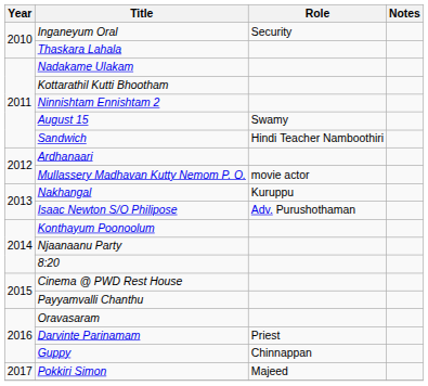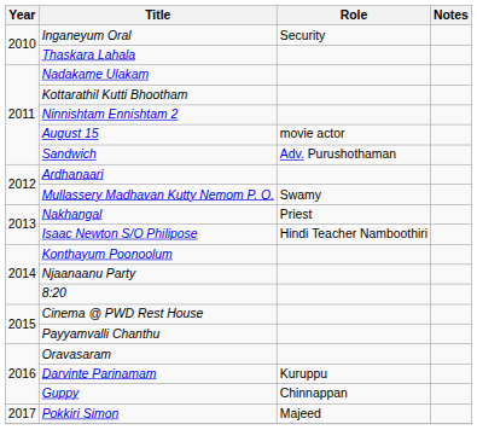 <table class="wikitable sortable">
 <tr>
 <th>Year</th>
 <th>Title</th>
 <th>Role</th>
 <th class="unsortable">Notes</th>
 </tr>
 <tr>
 <td rowspan=2>2010</td>
 <td><em>Inganeyum Oral</em></td>
 <td>Security</td>
 <td></td>
 </tr>
 <tr>
 <td><em><a href='#'>Thaskara Lahala</a></em></td>
 <td></td>
 <td></td>
 </tr>
 <tr>
 <td rowspan=5>2011</td>
 <td><em><a href='#'>Nadakame Ulakam</a></em></td>
 <td></td>
 <td></td>
 </tr>
 <tr>
 <td><em>Kottarathil Kutti Bhootham</em></td>
 <td></td>
 <td></td>
 </tr>
 <tr>
 <td><em><a href='#'>Ninnishtam Ennishtam 2</a></em></td>
 <td></td>
 <td></td>
 </tr>
 <tr>
 <td><em><a href='#'>August 15</a></em></td>
-<td>Swamy</td>
+<td>movie actor</td>
 <td></td>
 </tr>
 <tr>
 <td><em><a href='#'>Sandwich</a></em></td>
-<td>Hindi Teacher Namboothiri</td>
+<td><a href='#'>Adv.</a> Purushothaman</td>
 <td></td>
 </tr>
 <tr>
 <td rowspan=2>2012</td>
 <td><em><a href='#'>Ardhanaari</a></em></td>
 <td></td>
 <td></td>
 </tr>
 <tr>
 <td><em><a href='#'>Mullassery Madhavan Kutty Nemom P. O.</a></em></td>
-<td>movie actor</td>
+<td>Swamy</td>
 <td></td>
 </tr>
 <tr>
 <td rowspan=2>2013</td>
 <td><em><a href='#'>Nakhangal</a></em></td>
-<td>Kuruppu</td>
+<td>Priest</td>
 <td></td>
 </tr>
 <tr>
 <td><em><a href='#'>Isaac Newton S/O Philipose</a></em></td>
-<td><a href='#'>Adv.</a> Purushothaman</td>
+<td>Hindi Teacher Namboothiri</td>
 <td></td>
 </tr>
 <tr>
 <td rowspan=3>2014</td>
 <td><em><a href='#'>Konthayum Poonoolum</a></em></td>
 <td></td>
 <td></td>
 </tr>
 <tr>
 <td><em>Njaanaanu Party</em></td>
 <td></td>
 <td></td>
 </tr>
 <tr>
 <td><em>8:20</em></td>
 <td></td>
 <td></td>
 </tr>
 <tr>
 <td rowspan=2>2015</td>
 <td><em>Cinema @ PWD Rest House</em></td>
 <td></td>
 <td></td>
 </tr>
 <tr>
 <td><em>Payyamvalli Chanthu</em></td>
 <td></td>
 <td></td>
 </tr>
 <tr>
 <td rowspan=3>2016</td>
 <td><em>Oravasaram</em></td>
 <td></td>
 <td></td>
 </tr>
 <tr>
 <td><em><a href='#'>Darvinte Parinamam</a></em></td>
-<td>Priest</td>
+<td>Kuruppu</td>
 <td></td>
 </tr>
 <tr>
 <td><em><a href='#'>Guppy</a></em></td>
 <td>Chinnappan</td>
 <td></td>
 </tr>
 <tr>
 <td>2017</td>
 <td><em><a href='#'>Pokkiri Simon</a></em></td>
 <td>Majeed</td>
 <td></td>
 </tr>
 <tr>
 </tr>
 </table>
